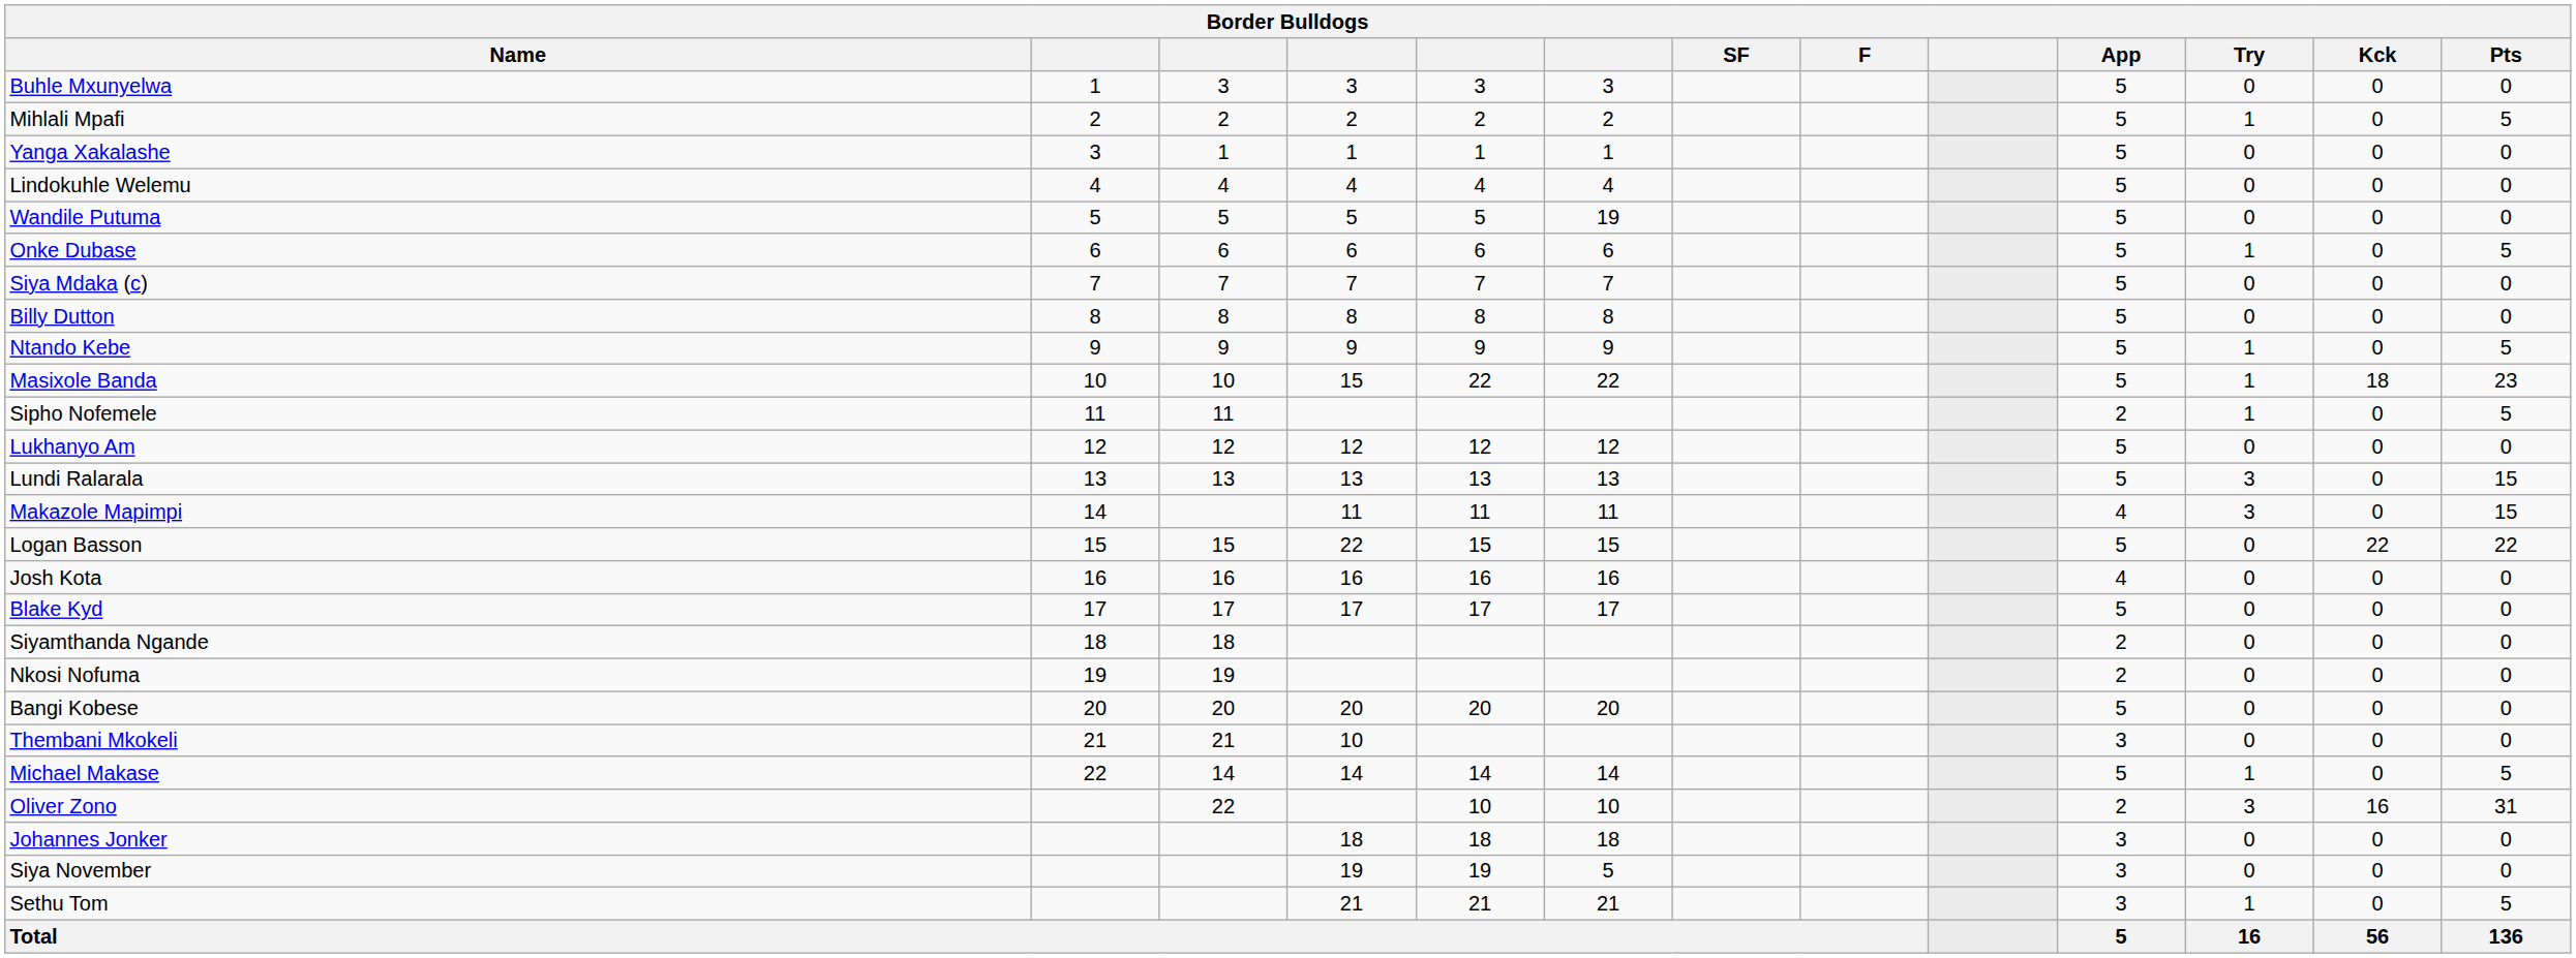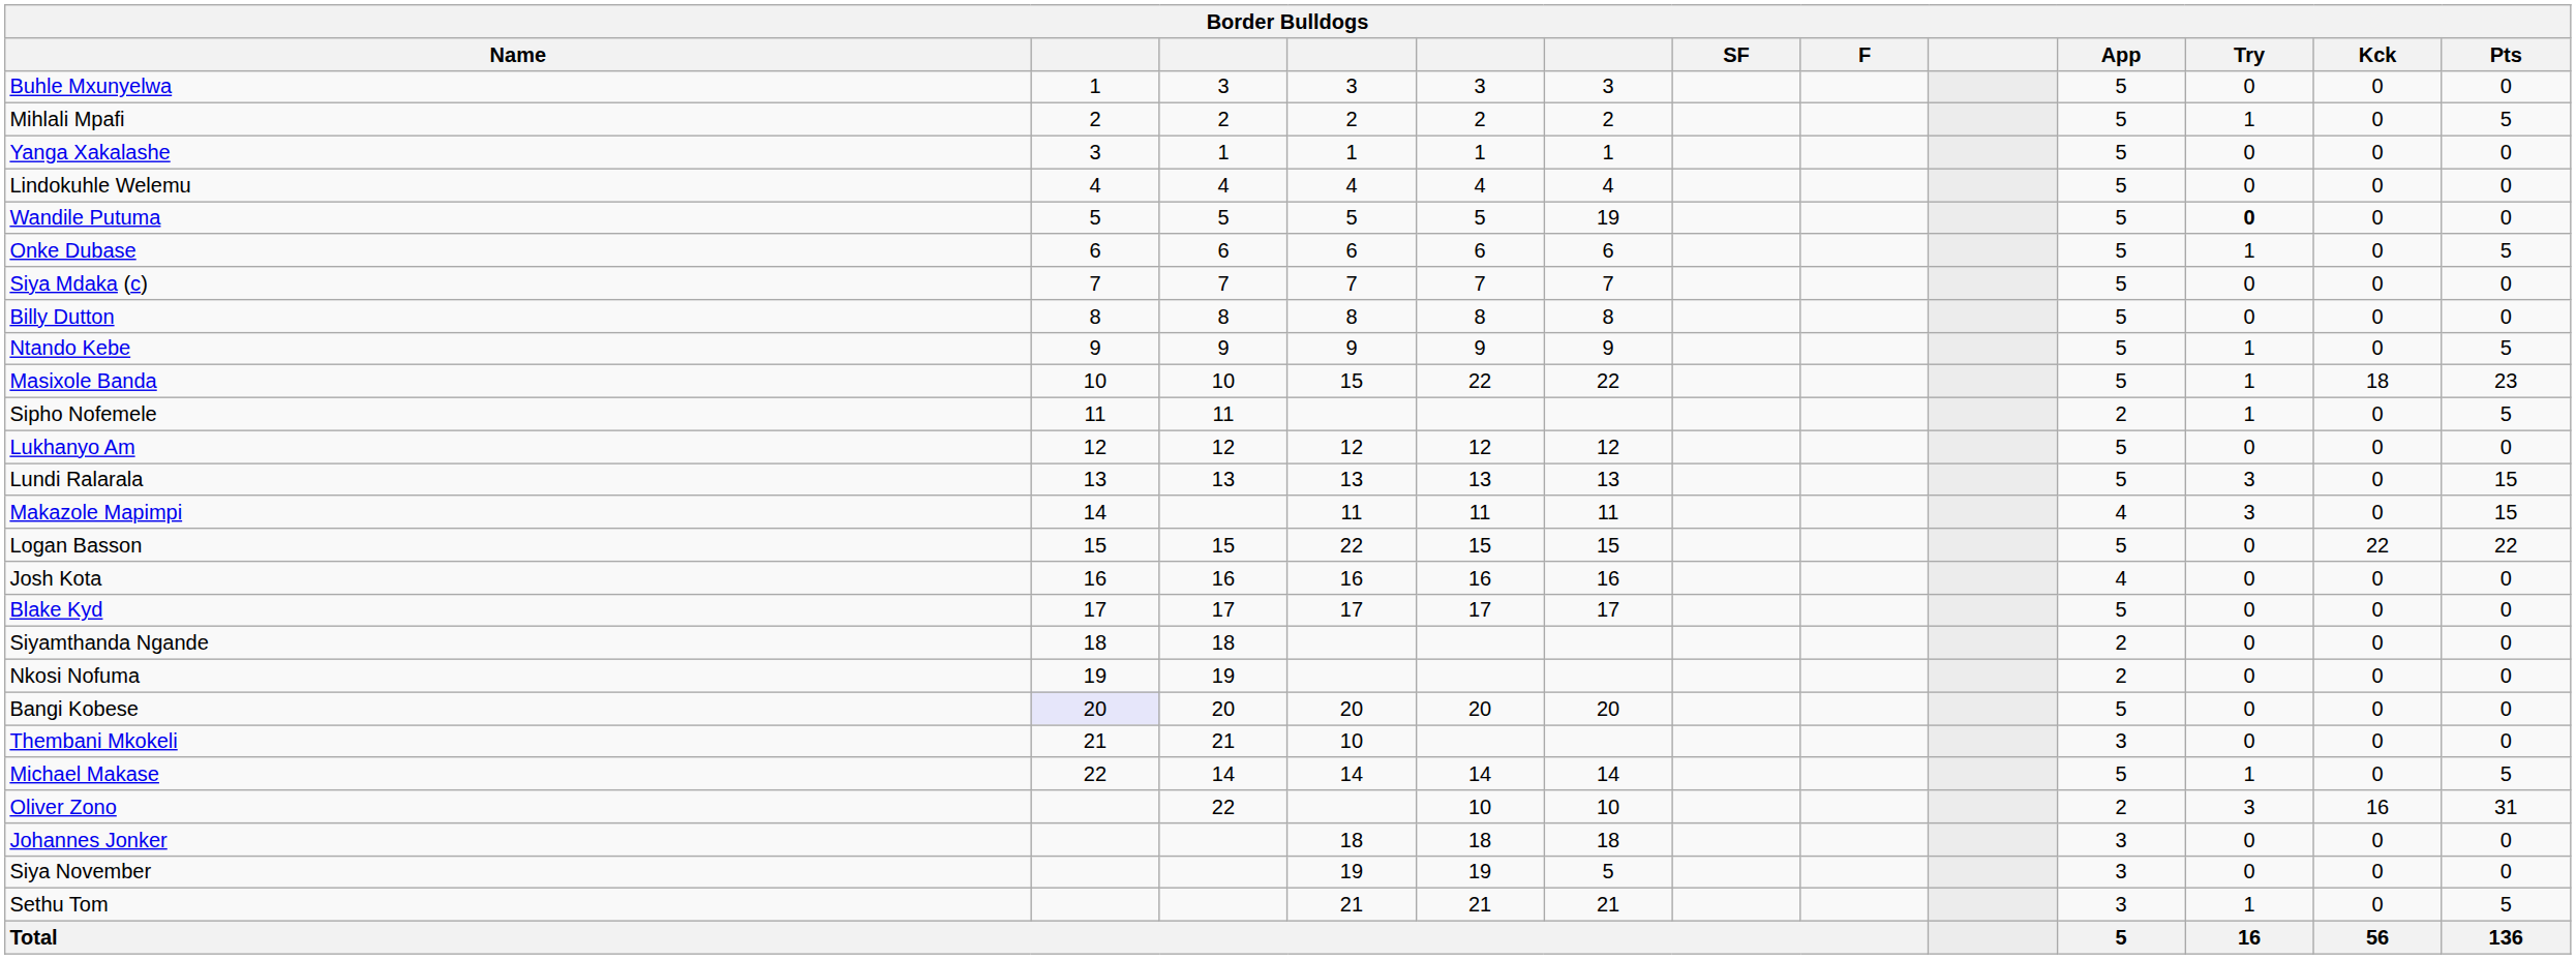 <table class="wikitable collapsible collapsed sortable" style="text-align:center; font-size:90%; width:90%">
 <tr>
 <th colspan="100%">Border Bulldogs</th>
 </tr>
 <tr>
 <th style="width:40%;">Name</th>
 <th style="width:5%;"></th>
 <th style="width:5%;"></th>
 <th style="width:5%;"></th>
 <th style="width:5%;"></th>
 <th style="width:5%;"></th>
 <th style="width:5%;">SF</th>
 <th style="width:5%;">F</th>
 <th style="width:5%;"></th>
 <th style="width:5%;">App</th>
 <th style="width:5%;">Try</th>
 <th style="width:5%;">Kck</th>
 <th style="width:5%;">Pts</th>
 </tr>
 <tr>
 <td style="text-align:left;"><a href='#'>Buhle Mxunyelwa</a></td>
 <td>1</td>
 <td>3</td>
 <td>3</td>
 <td>3</td>
 <td>3</td>
 <td></td>
 <td></td>
 <td style="background:#ECECEC;"></td>
 <td>5</td>
 <td>0</td>
 <td>0</td>
 <td>0</td>
 </tr>
 <tr>
 <td style="text-align:left;">Mihlali Mpafi</td>
 <td>2</td>
 <td>2</td>
 <td>2</td>
 <td>2</td>
 <td>2</td>
 <td></td>
 <td></td>
 <td style="background:#ECECEC;"></td>
 <td>5</td>
 <td>1</td>
 <td>0</td>
 <td>5</td>
 </tr>
 <tr>
 <td style="text-align:left;"><a href='#'>Yanga Xakalashe</a></td>
 <td>3</td>
 <td>1</td>
 <td>1</td>
 <td>1</td>
 <td>1</td>
 <td></td>
 <td></td>
 <td style="background:#ECECEC;"></td>
 <td>5</td>
 <td>0</td>
 <td>0</td>
 <td>0</td>
 </tr>
 <tr>
 <td style="text-align:left;">Lindokuhle Welemu</td>
 <td>4</td>
 <td>4</td>
 <td>4</td>
 <td>4</td>
 <td>4</td>
 <td></td>
 <td></td>
 <td style="background:#ECECEC;"></td>
 <td>5</td>
 <td>0</td>
 <td>0</td>
 <td>0</td>
 </tr>
 <tr>
 <td style="text-align:left;"><a href='#'>Wandile Putuma</a></td>
 <td>5</td>
 <td>5</td>
 <td>5</td>
 <td>5</td>
 <td>19 </td>
 <td></td>
 <td></td>
 <td style="background:#ECECEC;"></td>
 <td>5</td>
-<td>0</td>
+<td><strong>0</strong></td>
 <td>0</td>
 <td>0</td>
 </tr>
 <tr>
 <td style="text-align:left;"><a href='#'>Onke Dubase</a></td>
 <td>6</td>
 <td>6</td>
 <td>6</td>
 <td>6</td>
 <td>6</td>
 <td></td>
 <td></td>
 <td style="background:#ECECEC;"></td>
 <td>5</td>
 <td>1</td>
 <td>0</td>
 <td>5</td>
 </tr>
 <tr>
 <td style="text-align:left;"><a href='#'>Siya Mdaka</a> (<a href='#'>c</a>)</td>
 <td>7</td>
 <td>7</td>
 <td>7</td>
 <td>7</td>
 <td>7</td>
 <td></td>
 <td></td>
 <td style="background:#ECECEC;"></td>
 <td>5</td>
 <td>0</td>
 <td>0</td>
 <td>0</td>
 </tr>
 <tr>
 <td style="text-align:left;"><a href='#'>Billy Dutton</a></td>
 <td>8</td>
 <td>8</td>
 <td>8</td>
 <td>8</td>
 <td>8</td>
 <td></td>
 <td></td>
 <td style="background:#ECECEC;"></td>
 <td>5</td>
 <td>0</td>
 <td>0</td>
 <td>0</td>
 </tr>
 <tr>
 <td style="text-align:left;"><a href='#'>Ntando Kebe</a></td>
 <td>9</td>
 <td>9</td>
 <td>9</td>
 <td>9</td>
 <td>9</td>
 <td></td>
 <td></td>
 <td style="background:#ECECEC;"></td>
 <td>5</td>
 <td>1</td>
 <td>0</td>
 <td>5</td>
 </tr>
 <tr>
 <td style="text-align:left;"><a href='#'>Masixole Banda</a></td>
 <td>10</td>
 <td>10</td>
 <td>15</td>
 <td>22 </td>
 <td>22 </td>
 <td></td>
 <td></td>
 <td style="background:#ECECEC;"></td>
 <td>5</td>
 <td>1</td>
 <td>18</td>
 <td>23</td>
 </tr>
 <tr>
 <td style="text-align:left;">Sipho Nofemele</td>
 <td>11</td>
 <td>11</td>
 <td></td>
 <td></td>
 <td></td>
 <td></td>
 <td></td>
 <td style="background:#ECECEC;"></td>
 <td>2</td>
 <td>1</td>
 <td>0</td>
 <td>5</td>
 </tr>
 <tr>
 <td style="text-align:left;"><a href='#'>Lukhanyo Am</a></td>
 <td>12</td>
 <td>12</td>
 <td>12</td>
 <td>12</td>
 <td>12</td>
 <td></td>
 <td></td>
 <td style="background:#ECECEC;"></td>
 <td>5</td>
 <td>0</td>
 <td>0</td>
 <td>0</td>
 </tr>
 <tr>
 <td style="text-align:left;">Lundi Ralarala</td>
 <td>13</td>
 <td>13</td>
 <td>13</td>
 <td>13</td>
 <td>13</td>
 <td></td>
 <td></td>
 <td style="background:#ECECEC;"></td>
 <td>5</td>
 <td>3</td>
 <td>0</td>
 <td>15</td>
 </tr>
 <tr>
 <td style="text-align:left;"><a href='#'>Makazole Mapimpi</a></td>
 <td>14</td>
 <td></td>
 <td>11</td>
 <td>11</td>
 <td>11</td>
 <td></td>
 <td></td>
 <td style="background:#ECECEC;"></td>
 <td>4</td>
 <td>3</td>
 <td>0</td>
 <td>15</td>
 </tr>
 <tr>
 <td style="text-align:left;">Logan Basson</td>
 <td>15</td>
 <td>15</td>
 <td>22 </td>
 <td>15</td>
 <td>15</td>
 <td></td>
 <td></td>
 <td style="background:#ECECEC;"></td>
 <td>5</td>
 <td>0</td>
 <td>22</td>
 <td>22</td>
 </tr>
 <tr>
 <td style="text-align:left;">Josh Kota</td>
 <td>16 </td>
 <td>16 </td>
 <td>16</td>
 <td>16 </td>
 <td>16 </td>
 <td></td>
 <td></td>
 <td style="background:#ECECEC;"></td>
 <td>4</td>
 <td>0</td>
 <td>0</td>
 <td>0</td>
 </tr>
 <tr>
 <td style="text-align:left;"><a href='#'>Blake Kyd</a></td>
 <td>17 </td>
 <td>17 </td>
 <td>17 </td>
 <td>17 </td>
 <td>17 </td>
 <td></td>
 <td></td>
 <td style="background:#ECECEC;"></td>
 <td>5</td>
 <td>0</td>
 <td>0</td>
 <td>0</td>
 </tr>
 <tr>
 <td style="text-align:left;">Siyamthanda Ngande</td>
 <td>18 </td>
 <td>18 </td>
 <td></td>
 <td></td>
 <td></td>
 <td></td>
 <td></td>
 <td style="background:#ECECEC;"></td>
 <td>2</td>
 <td>0</td>
 <td>0</td>
 <td>0</td>
 </tr>
 <tr>
 <td style="text-align:left;">Nkosi Nofuma</td>
 <td>19 </td>
 <td>19 </td>
 <td></td>
 <td></td>
 <td></td>
 <td></td>
 <td></td>
 <td style="background:#ECECEC;"></td>
 <td>2</td>
 <td>0</td>
 <td>0</td>
 <td>0</td>
 </tr>
 <tr>
 <td style="text-align:left;">Bangi Kobese</td>
-<td>20 </td>
+<td style="background: lavender;">20 </td>
 <td>20 </td>
 <td>20 </td>
 <td>20 </td>
 <td>20 </td>
 <td></td>
 <td></td>
 <td style="background:#ECECEC;"></td>
 <td>5</td>
 <td>0</td>
 <td>0</td>
 <td>0</td>
 </tr>
 <tr>
 <td style="text-align:left;"><a href='#'>Thembani Mkokeli</a></td>
 <td>21 </td>
 <td>21 </td>
 <td>10</td>
 <td></td>
 <td></td>
 <td></td>
 <td></td>
 <td style="background:#ECECEC;"></td>
 <td>3</td>
 <td>0</td>
 <td>0</td>
 <td>0</td>
 </tr>
 <tr>
 <td style="text-align:left;"><a href='#'>Michael Makase</a></td>
 <td>22 </td>
 <td>14</td>
 <td>14</td>
 <td>14</td>
 <td>14</td>
 <td></td>
 <td></td>
 <td style="background:#ECECEC;"></td>
 <td>5</td>
 <td>1</td>
 <td>0</td>
 <td>5</td>
 </tr>
 <tr>
 <td style="text-align:left;"><a href='#'>Oliver Zono</a></td>
 <td></td>
 <td>22</td>
 <td></td>
 <td>10</td>
 <td>10</td>
 <td></td>
 <td></td>
 <td style="background:#ECECEC;"></td>
 <td>2</td>
 <td>3</td>
 <td>16</td>
 <td>31</td>
 </tr>
 <tr>
 <td style="text-align:left;"><a href='#'>Johannes Jonker</a></td>
 <td></td>
 <td></td>
 <td>18 </td>
 <td>18 </td>
 <td>18 </td>
 <td></td>
 <td></td>
 <td style="background:#ECECEC;"></td>
 <td>3</td>
 <td>0</td>
 <td>0</td>
 <td>0</td>
 </tr>
 <tr>
 <td style="text-align:left;">Siya November</td>
 <td></td>
 <td></td>
 <td>19 </td>
 <td>19 </td>
 <td>5</td>
 <td></td>
 <td></td>
 <td style="background:#ECECEC;"></td>
 <td>3</td>
 <td>0</td>
 <td>0</td>
 <td>0</td>
 </tr>
 <tr>
 <td style="text-align:left;">Sethu Tom</td>
 <td></td>
 <td></td>
 <td>21 </td>
 <td>21 </td>
 <td>21 </td>
 <td></td>
 <td></td>
 <td style="background:#ECECEC;"></td>
 <td>3</td>
 <td>1</td>
 <td>0</td>
 <td>5</td>
 </tr>
 <tr>
 <th colspan="8" style="text-align:left;">Total</th>
 <th style="background:#ECECEC;"></th>
 <th>5</th>
 <th>16</th>
 <th>56</th>
 <th>136</th>
 </tr>
 </table>
